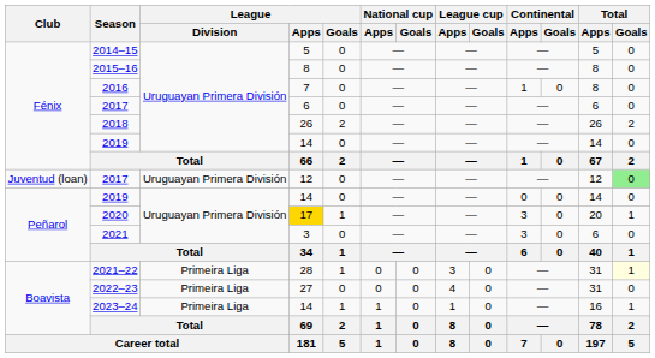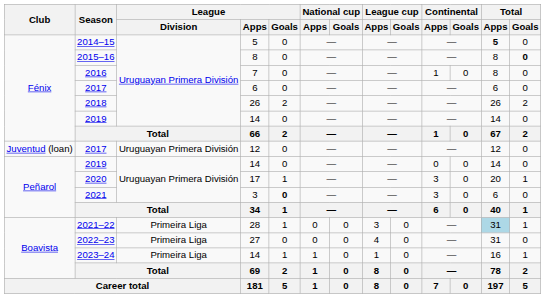 <table class="wikitable" style="text-align:center">
 <tr>
 <th rowspan="2">Club</th>
 <th rowspan="2">Season</th>
 <th colspan="3">League</th>
 <th colspan="2">National cup</th>
 <th colspan="2">League cup</th>
 <th colspan="2">Continental</th>
 <th colspan="2">Total</th>
 </tr>
 <tr>
 <th>Division</th>
 <th>Apps</th>
 <th>Goals</th>
 <th>Apps</th>
 <th>Goals</th>
 <th>Apps</th>
 <th>Goals</th>
 <th>Apps</th>
 <th>Goals</th>
 <th>Apps</th>
 <th>Goals</th>
 </tr>
 <tr>
 <td rowspan="7"><a href='#'>Fénix</a></td>
 <td><a href='#'>2014–15</a></td>
 <td rowspan="6"><a href='#'>Uruguayan Primera División</a></td>
 <td>5</td>
 <td>0</td>
 <td colspan="2">—</td>
 <td colspan="2">—</td>
 <td colspan="2">—</td>
-<td>5</td>
+<td><strong>5</strong></td>
 <td>0</td>
 </tr>
 <tr>
 <td><a href='#'>2015–16</a></td>
 <td>8</td>
 <td>0</td>
 <td colspan="2">—</td>
 <td colspan="2">—</td>
 <td colspan="2">—</td>
 <td>8</td>
-<td>0</td>
+<td><strong>0</strong></td>
 </tr>
 <tr>
 <td><a href='#'>2016</a></td>
 <td>7</td>
 <td>0</td>
 <td colspan="2">—</td>
 <td colspan="2">—</td>
 <td>1</td>
 <td>0</td>
 <td>8</td>
 <td>0</td>
 </tr>
 <tr>
 <td><a href='#'>2017</a></td>
 <td>6</td>
 <td>0</td>
 <td colspan="2">—</td>
 <td colspan="2">—</td>
 <td colspan="2">—</td>
 <td>6</td>
 <td>0</td>
 </tr>
 <tr>
 <td><a href='#'>2018</a></td>
 <td>26</td>
 <td>2</td>
 <td colspan="2">—</td>
 <td colspan="2">—</td>
 <td colspan="2">—</td>
 <td>26</td>
 <td>2</td>
 </tr>
 <tr>
 <td><a href='#'>2019</a></td>
 <td>14</td>
 <td>0</td>
 <td colspan="2">—</td>
 <td colspan="2">—</td>
 <td colspan="2">—</td>
 <td>14</td>
 <td>0</td>
 </tr>
 <tr>
 <th colspan="2">Total</th>
 <th>66</th>
 <th>2</th>
 <th colspan="2">—</th>
 <th colspan="2">—</th>
 <th>1</th>
 <th>0</th>
 <th>67</th>
 <th>2</th>
 </tr>
 <tr>
 <td><a href='#'>Juventud</a> (loan)</td>
 <td><a href='#'>2017</a></td>
 <td>Uruguayan Primera División</td>
 <td>12</td>
 <td>0</td>
 <td colspan="2">—</td>
 <td colspan="2">—</td>
 <td colspan="2">—</td>
 <td>12</td>
-<td style="background: lightgreen;">0</td>
+<td>0</td>
 </tr>
 <tr>
 <td rowspan="4"><a href='#'>Peñarol</a></td>
 <td><a href='#'>2019</a></td>
 <td rowspan="3">Uruguayan Primera División</td>
 <td>14</td>
 <td>0</td>
 <td colspan="2">—</td>
 <td colspan="2">—</td>
 <td>0</td>
 <td>0</td>
 <td>14</td>
 <td>0</td>
 </tr>
 <tr>
 <td><a href='#'>2020</a></td>
-<td style="background: gold;">17</td>
+<td>17</td>
 <td>1</td>
 <td colspan="2">—</td>
 <td colspan="2">—</td>
 <td>3</td>
 <td>0</td>
 <td>20</td>
 <td>1</td>
 </tr>
 <tr>
 <td><a href='#'>2021</a></td>
 <td>3</td>
-<td>0</td>
+<td><strong>0</strong></td>
 <td colspan="2">—</td>
 <td colspan="2">—</td>
 <td>3</td>
 <td>0</td>
 <td>6</td>
 <td>0</td>
 </tr>
 <tr>
 <th colspan="2">Total</th>
 <th>34</th>
 <th>1</th>
 <th colspan="2">—</th>
 <th colspan="2">—</th>
 <th>6</th>
 <th>0</th>
 <th>40</th>
 <th>1</th>
 </tr>
 <tr>
 <td rowspan="4"><a href='#'>Boavista</a></td>
 <td><a href='#'>2021–22</a></td>
 <td>Primeira Liga</td>
 <td>28</td>
 <td>1</td>
 <td>0</td>
 <td>0</td>
 <td>3</td>
 <td>0</td>
 <td colspan="2">—</td>
-<td>31</td>
-<td style="background: lightyellow;">1</td>
+<td style="background: lightblue;">31</td>
+<td>1</td>
 </tr>
 <tr>
 <td><a href='#'>2022–23</a></td>
 <td>Primeira Liga</td>
 <td>27</td>
 <td>0</td>
 <td>0</td>
 <td>0</td>
 <td>4</td>
 <td>0</td>
 <td colspan="2">—</td>
 <td>31</td>
 <td>0</td>
 </tr>
 <tr>
 <td><a href='#'>2023–24</a></td>
 <td>Primeira Liga</td>
 <td>14</td>
 <td>1</td>
 <td>1</td>
 <td>0</td>
 <td>1</td>
 <td>0</td>
 <td colspan="2">—</td>
 <td>16</td>
 <td>1</td>
 </tr>
 <tr>
 <th colspan="2">Total</th>
 <th>69</th>
 <th>2</th>
 <th>1</th>
 <th>0</th>
 <th>8</th>
 <th>0</th>
 <th colspan="2">—</th>
 <th>78</th>
 <th>2</th>
 </tr>
 <tr>
 <th colspan="3">Career total</th>
 <th>181</th>
 <th>5</th>
 <th>1</th>
 <th>0</th>
 <th>8</th>
 <th>0</th>
 <th>7</th>
 <th>0</th>
 <th>197</th>
 <th>5</th>
 </tr>
 </table>
